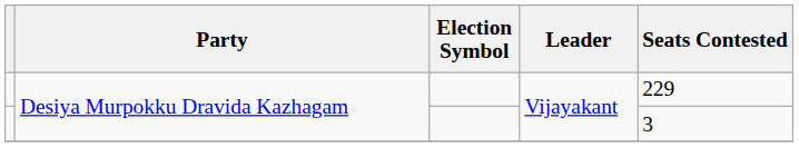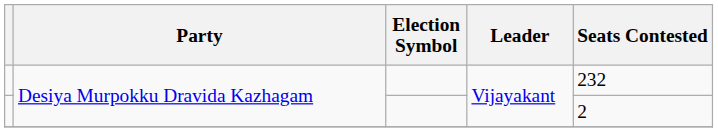 <table class="wikitable">
 <tr style="height: 50px;">
 <th></th>
 <th scope="col" style="width:300px;">Party</th>
 <th scope="col" style="width:60px;">Election Symbol</th>
 <th scope="col" style="width:80px;">Leader</th>
 <th>Seats Contested</th>
 </tr>
 <tr style="height:">
 <td></td>
 <td rowspan="2"><a href='#'>Desiya Murpokku Dravida Kazhagam</a></td>
 <td></td>
 <td rowspan="2"><a href='#'>Vijayakant</a></td>
-<td>229</td>
+<td>232</td>
 </tr>
 <tr style="height:">
 <td></td>
 <td></td>
-<td>3</td>
+<td>2</td>
 </tr>
 <tr>
 </tr>
 </table>
